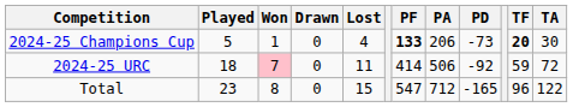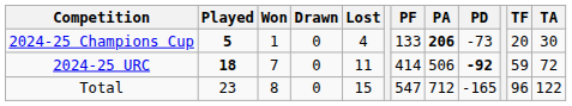 <table class="wikitable">
 <tr>
 <th>Competition</th>
 <th>Played</th>
 <th>Won</th>
 <th>Drawn</th>
 <th>Lost</th>
 <th rowspan="4"></th>
 <th>PF</th>
 <th>PA</th>
 <th>PD</th>
 <th rowspan="4"></th>
 <th>TF</th>
 <th>TA</th>
 </tr>
 <tr align=center>
 <td><a href='#'>2024-25 Champions Cup</a></td>
-<td>5</td>
+<td><strong>5</strong></td>
 <td>1</td>
 <td>0</td>
 <td>4</td>
-<td><strong>133</strong></td>
-<td>206</td>
+<td>133</td>
+<td><strong>206</strong></td>
 <td>-73</td>
-<td><strong>20</strong></td>
+<td>20</td>
 <td>30</td>
 </tr>
 <tr align=center>
 <td><a href='#'>2024-25 URC</a></td>
-<td>18</td>
-<td style="background: pink;">7</td>
+<td><strong>18</strong></td>
+<td>7</td>
 <td>0</td>
 <td>11</td>
 <td>414</td>
 <td>506</td>
-<td>-92</td>
+<td><strong>-92</strong></td>
 <td>59</td>
 <td>72</td>
 </tr>
 <tr align=center>
 <td>Total</td>
 <td>23</td>
 <td>8</td>
 <td>0</td>
 <td>15</td>
 <td>547</td>
 <td>712</td>
 <td>-165</td>
 <td>96</td>
 <td>122</td>
 </tr>
 </table>
